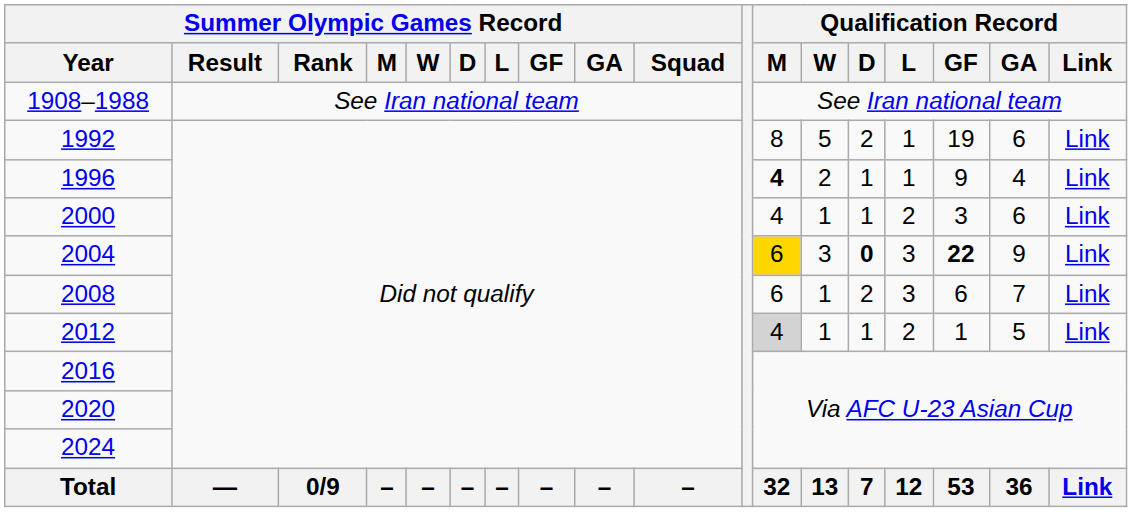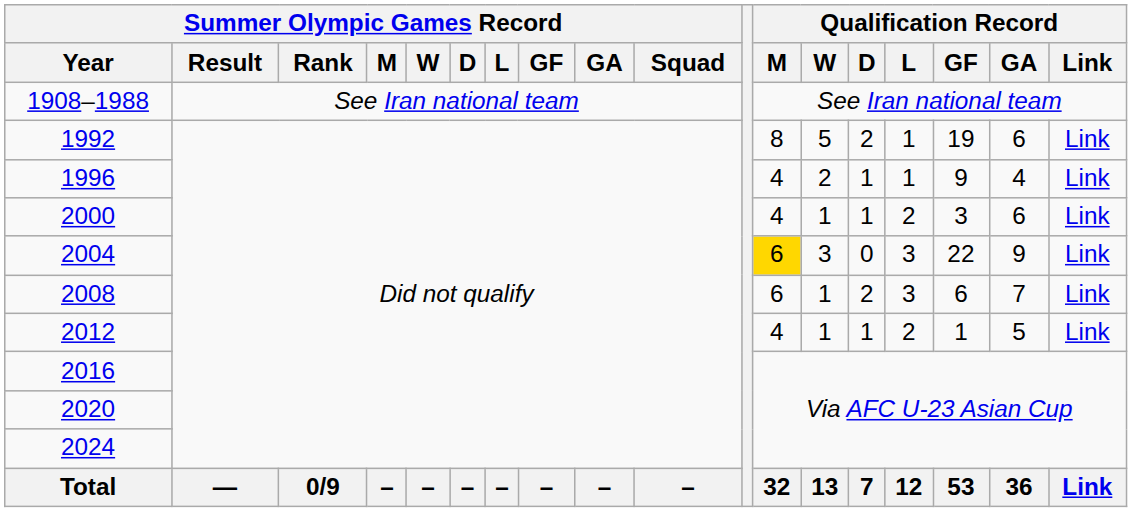 <table class="wikitable" style="text-align: center;">
 <tr>
 <th colspan=10><a href='#'>Summer Olympic Games</a> Record</th>
 <th style=width:1%; rowspan=13></th>
 <th colspan=7>Qualification Record</th>
 </tr>
 <tr>
 <th>Year</th>
 <th>Result</th>
 <th>Rank</th>
 <th>M</th>
 <th>W</th>
 <th>D</th>
 <th>L</th>
 <th>GF</th>
 <th>GA</th>
 <th>Squad</th>
 <th>M</th>
 <th>W</th>
 <th>D</th>
 <th>L</th>
 <th>GF</th>
 <th>GA</th>
 <th>Link</th>
 </tr>
 <tr>
 <td><a href='#'>1908</a>–<a href='#'>1988</a></td>
 <td colspan=9><em>See <a href='#'>Iran national team</a></em></td>
 <td colspan=7><em>See <a href='#'>Iran national team</a></em></td>
 </tr>
 <tr>
 <td> <a href='#'>1992</a></td>
 <td colspan=9 rowspan=9><em>Did not qualify</em></td>
 <td>8</td>
 <td>5</td>
 <td>2</td>
 <td>1</td>
 <td>19</td>
 <td>6</td>
 <td><a href='#'>Link</a></td>
 </tr>
 <tr>
 <td> <a href='#'>1996</a></td>
-<td><strong>4</strong></td>
+<td>4</td>
 <td>2</td>
 <td>1</td>
 <td>1</td>
 <td>9</td>
 <td>4</td>
 <td><a href='#'>Link</a></td>
 </tr>
 <tr>
 <td> <a href='#'>2000</a></td>
 <td>4</td>
 <td>1</td>
 <td>1</td>
 <td>2</td>
 <td>3</td>
 <td>6</td>
 <td><a href='#'>Link</a></td>
 </tr>
 <tr>
 <td> <a href='#'>2004</a></td>
 <td style="background: gold;">6</td>
 <td>3</td>
-<td><strong>0</strong></td>
+<td>0</td>
 <td>3</td>
-<td><strong>22</strong></td>
+<td>22</td>
 <td>9</td>
 <td><a href='#'>Link</a></td>
 </tr>
 <tr>
 <td> <a href='#'>2008</a></td>
 <td>6</td>
 <td>1</td>
 <td>2</td>
 <td>3</td>
 <td>6</td>
 <td>7</td>
 <td><a href='#'>Link</a></td>
 </tr>
 <tr>
 <td> <a href='#'>2012</a></td>
-<td style="background: lightgrey;">4</td>
+<td>4</td>
 <td>1</td>
 <td>1</td>
 <td>2</td>
 <td>1</td>
 <td>5</td>
 <td><a href='#'>Link</a></td>
 </tr>
 <tr>
 <td> <a href='#'>2016</a></td>
 <td rowspan=3 colspan=7><em>Via <a href='#'>AFC U-23 Asian Cup</a></em></td>
 </tr>
 <tr>
 <td> <a href='#'>2020</a></td>
 </tr>
 <tr>
 <td> <a href='#'>2024</a></td>
 </tr>
 <tr>
 <th><strong>Total</strong></th>
 <th><strong>—</strong></th>
 <th><strong>0/9</strong></th>
 <th><strong>–</strong></th>
 <th><strong>–</strong></th>
 <th><strong>–</strong></th>
 <th><strong>–</strong></th>
 <th><strong>–</strong></th>
 <th><strong>–</strong></th>
 <th><strong>–</strong></th>
 <th>32</th>
 <th><strong>13</strong></th>
 <th><strong>7</strong></th>
 <th><strong>12</strong></th>
 <th><strong>53</strong></th>
 <th><strong>36</strong></th>
 <th><a href='#'>Link</a></th>
 </tr>
 </table>
